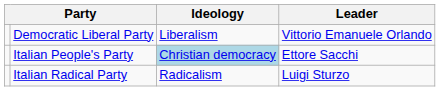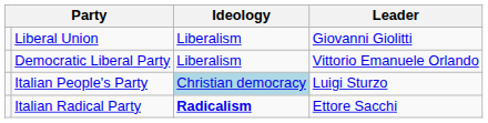 <table class=wikitable style="font-size:100%">
 <tr>
 <th colspan=2>Party</th>
 <th>Ideology</th>
 <th>Leader</th>
+</tr>
+<tr>
+<td style="color:inherit;background:"></td>
+<td><a href='#'>Liberal Union</a></td>
+<td><a href='#'>Liberalism</a></td>
+<td><a href='#'>Giovanni Giolitti</a></td>
 </tr>
 <tr>
 <td style="color:inherit;background:"></td>
 <td><a href='#'>Democratic Liberal Party</a></td>
 <td><a href='#'>Liberalism</a></td>
 <td><a href='#'>Vittorio Emanuele Orlando</a></td>
 </tr>
 <tr>
 <td style="color:inherit;background:"></td>
 <td><a href='#'>Italian People's Party</a></td>
 <td style="background: lightblue;"><a href='#'>Christian democracy</a></td>
-<td><a href='#'>Ettore Sacchi</a></td>
+<td><a href='#'>Luigi Sturzo</a></td>
 </tr>
 <tr>
 <td style="color:inherit;background:"></td>
 <td><a href='#'>Italian Radical Party</a></td>
-<td><a href='#'>Radicalism</a></td>
-<td><a href='#'>Luigi Sturzo</a></td>
+<td><strong><a href='#'>Radicalism</a></strong></td>
+<td><a href='#'>Ettore Sacchi</a></td>
 </tr>
 </table>
